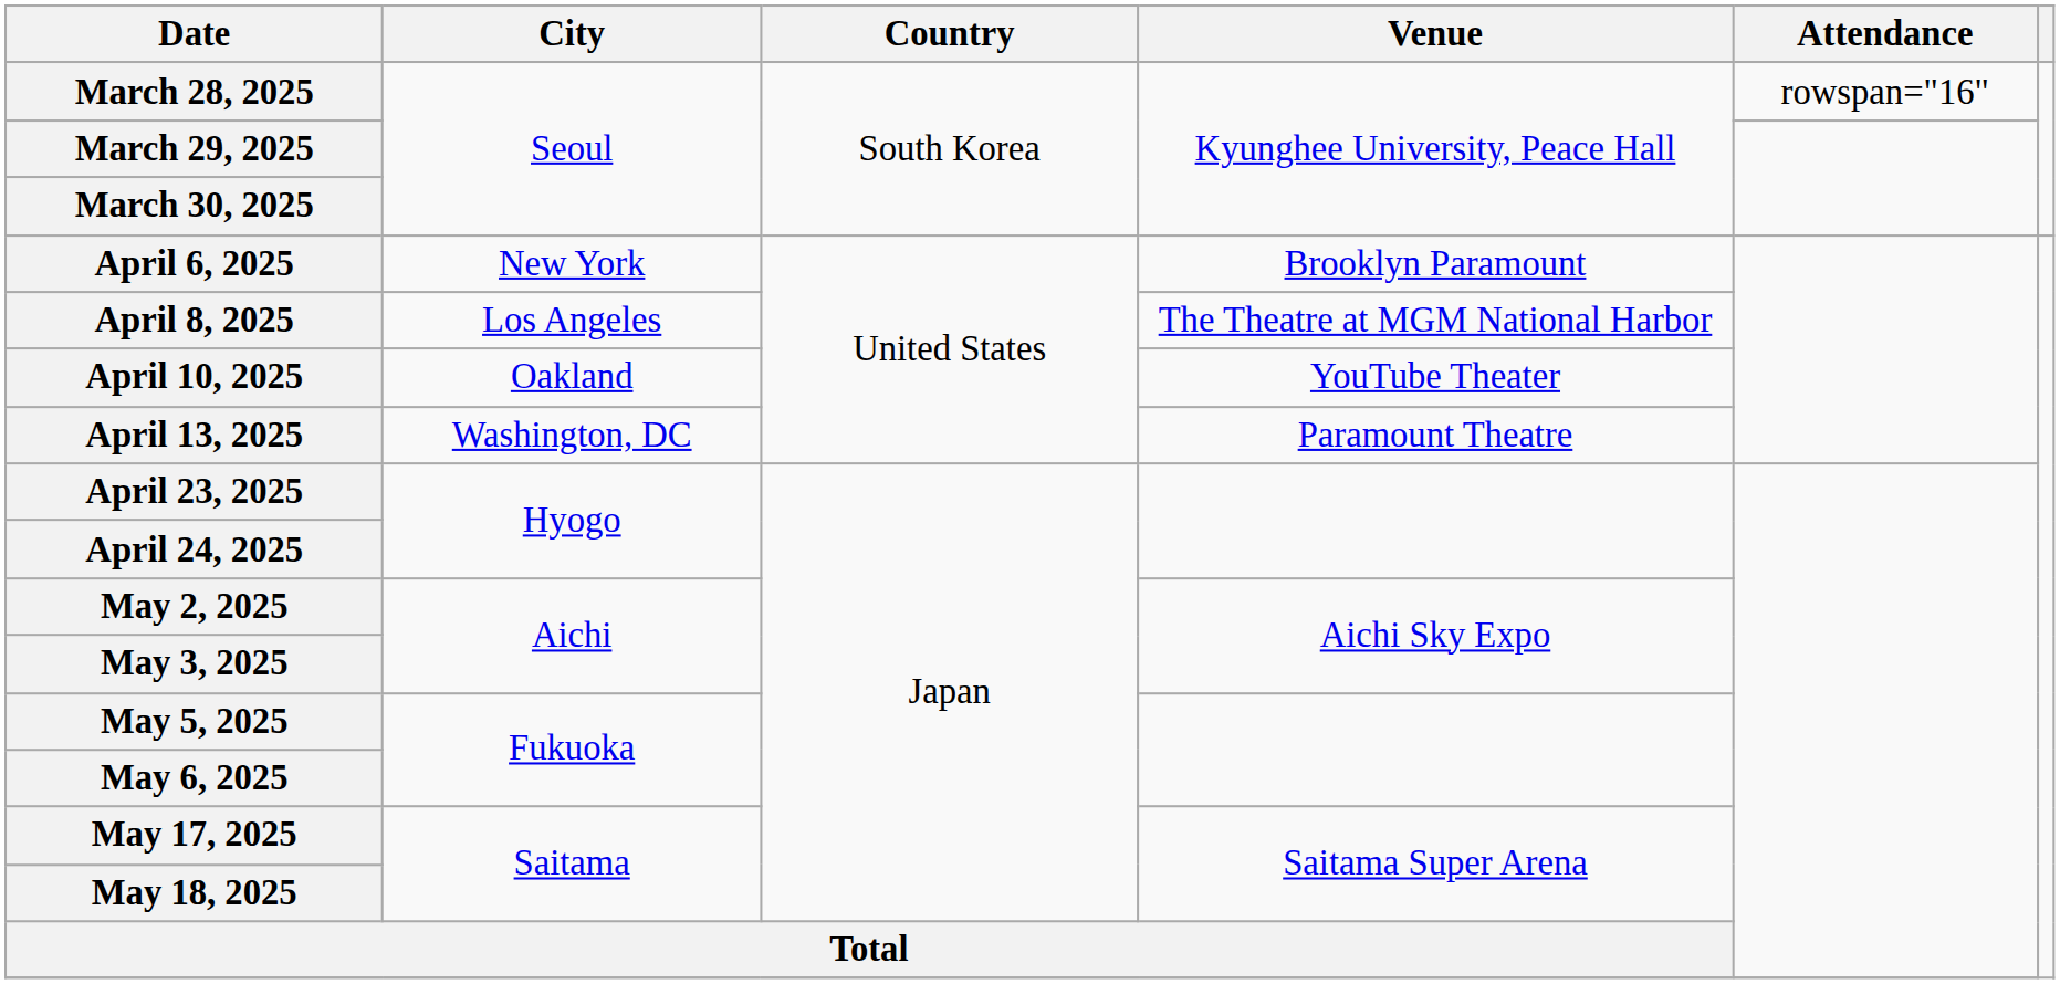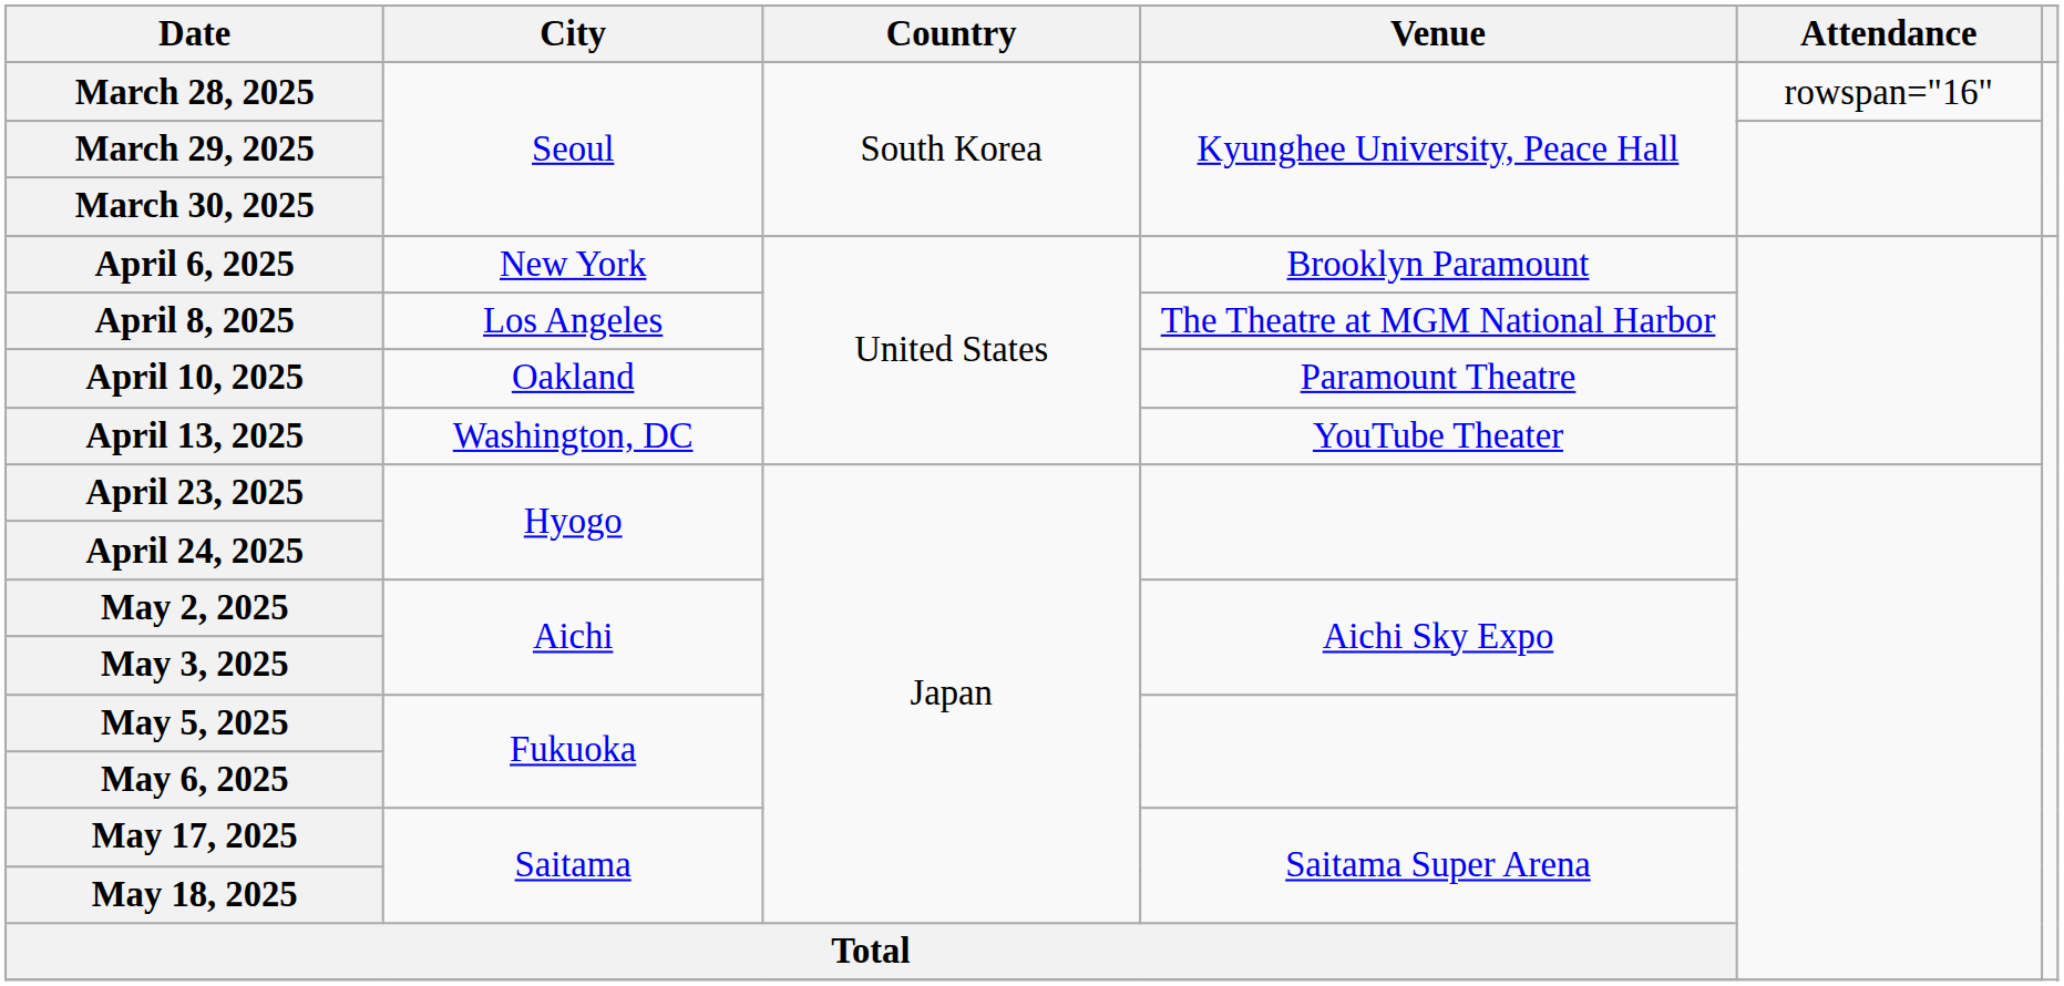 <table class="wikitable sortable plainrowheaders" style="text-align:center;">
 <tr>
 <th style="width:10em;">Date</th>
 <th style="width:10em;">City</th>
 <th style="width:10em;">Country</th>
 <th style="width:16em;">Venue</th>
 <th style="width:8em;">Attendance</th>
 <th scope="col" class="unsortable"></th>
 </tr>
 <tr>
 <th scope="row" style="text-align:center">March 28, 2025</th>
 <td rowspan="3"><a href='#'>Seoul</a></td>
 <td rowspan="3">South Korea</td>
 <td rowspan="3"><a href='#'>Kyunghee University, Peace Hall</a></td>
 <td>rowspan="16" </td>
 <td rowspan="3"></td>
 </tr>
 <tr>
 <th scope="row" style="text-align:center">March 29, 2025</th>
 </tr>
 <tr>
 <th scope="row" style="text-align:center">March 30, 2025</th>
 </tr>
 <tr>
 <th scope="row" style="text-align:center">April 6, 2025</th>
 <td><a href='#'>New York</a></td>
 <td rowspan="4">United States</td>
 <td><a href='#'>Brooklyn Paramount</a></td>
 <td rowspan="4"></td>
 </tr>
 <tr>
 <th scope="row" style="text-align:center">April 8, 2025</th>
 <td><a href='#'>Los Angeles</a></td>
 <td><a href='#'>The Theatre at MGM National Harbor</a></td>
 </tr>
 <tr>
 <th scope="row" style="text-align:center">April 10, 2025</th>
 <td><a href='#'>Oakland</a></td>
-<td><a href='#'>YouTube Theater</a></td>
+<td><a href='#'>Paramount Theatre</a></td>
 </tr>
 <tr>
 <th scope="row" style="text-align:center">April 13, 2025</th>
 <td><a href='#'>Washington, DC</a></td>
-<td><a href='#'>Paramount Theatre</a></td>
+<td><a href='#'>YouTube Theater</a></td>
 </tr>
 <tr>
 <th scope="row" style="text-align:center">April 23, 2025</th>
 <td rowspan="2"><a href='#'>Hyogo</a></td>
 <td rowspan="8">Japan</td>
 <td rowspan="2"></td>
 <td rowspan="9"></td>
 </tr>
 <tr>
 <th scope="row" style="text-align:center">April 24, 2025</th>
 </tr>
 <tr>
 <th scope="row" style="text-align:center">May 2, 2025</th>
 <td rowspan="2"><a href='#'>Aichi</a></td>
 <td rowspan="2"><a href='#'>Aichi Sky Expo</a></td>
 </tr>
 <tr>
 <th scope="row" style="text-align:center">May 3, 2025</th>
 </tr>
 <tr>
 <th scope="row" style="text-align:center">May 5, 2025</th>
 <td rowspan="2"><a href='#'>Fukuoka</a></td>
 <td rowspan="2"></td>
 </tr>
 <tr>
 <th scope="row" style="text-align:center">May 6, 2025</th>
 </tr>
 <tr>
 <th scope="row" style="text-align:center">May 17, 2025</th>
 <td rowspan="2"><a href='#'>Saitama</a></td>
 <td rowspan="2"><a href='#'>Saitama Super Arena</a></td>
 </tr>
 <tr>
 <th scope="row" style="text-align:center">May 18, 2025</th>
 </tr>
 <tr>
 <th colspan="4">Total</th>
 </tr>
 <tr>
 </tr>
 </table>
